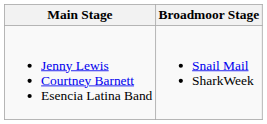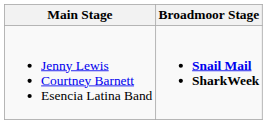 <table class="wikitable">
 <tr>
 <th>Main Stage</th>
 <th>Broadmoor Stage</th>
 </tr>
 <tr valign="top">
 <td><br><ul><li><a href='#'>Jenny Lewis</a></li><li><a href='#'>Courtney Barnett</a></li><li>Esencia Latina Band</li></ul></td>
-<td><br><ul><li><a href='#'>Snail Mail</a></li><li>SharkWeek</li></ul></td>
+<td><strong><br><ul><li><a href='#'>Snail Mail</a></li><li>SharkWeek</li></ul></strong></td>
 </tr>
 </table>
